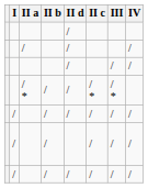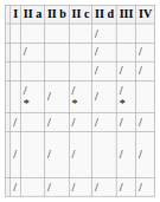 <table class="wikitable">
 <tr>
 <th></th>
 <th>I</th>
 <th>II a</th>
 <th>II b</th>
+<th>II c</th>
 <th>II d</th>
-<th>II c</th>
 <th>III</th>
 <th>IV</th>
 </tr>
 <tr>
 <th></th>
 <td></td>
 <td></td>
 <td></td>
+<td></td>
 <td>/</td>
-<td></td>
 <td></td>
 <td></td>
 </tr>
 <tr>
 <th> </th>
 <td></td>
 <td>/</td>
 <td></td>
+<td></td>
 <td>/</td>
-<td></td>
 <td></td>
 <td>/</td>
 </tr>
 <tr>
 <th> </th>
 <td></td>
 <td></td>
 <td></td>
+<td></td>
 <td>/</td>
-<td></td>
 <td>/</td>
 <td>/</td>
 </tr>
 <tr>
 <th></th>
 <td></td>
 <td> /<br>*</td>
 <td>/</td>
+<td> /<br>*</td>
 <td>/</td>
-<td> /<br>*</td>
 <td> /<br>*</td>
 <td></td>
 </tr>
 <tr>
 <th></th>
 <td>/</td>
 <td></td>
 <td>/</td>
 <td>/</td>
 <td>/</td>
 <td>/</td>
 <td>/</td>
 </tr>
 <tr>
 <th><br><br><br></th>
 <td>/</td>
 <td></td>
 <td>/</td>
+<td>/</td>
 <td></td>
-<td>/</td>
 <td>/</td>
 <td>/</td>
 </tr>
 <tr>
 <th><br></th>
 <td>/</td>
 <td></td>
 <td>/</td>
 <td>/</td>
 <td>/</td>
 <td>/</td>
 <td>/</td>
 </tr>
 </table>
